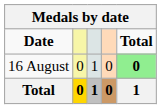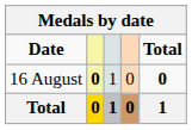 <table class="wikitable" style="font-size:85%">
 <tr bgcolor="#efefef">
 <th colspan=6>Medals by date</th>
 </tr>
 <tr align=center>
 <td><strong>Date</strong></td>
 <td bgcolor=#f7f6a8></td>
 <td bgcolor=#dce5e5></td>
 <td bgcolor=#ffdab9></td>
 <td><strong>Total</strong></td>
 </tr>
 <tr align=center>
 <td>16 August</td>
-<td style="background:#F7F6A8;">0</td>
+<td style="background:#F7F6A8;"><strong>0</strong></td>
 <td style="background:#DCE5E5;">1</td>
 <td style="background:#FFDAB9;">0</td>
-<td style="background: lightgreen;"><strong>0</strong></td>
+<td><strong>0</strong></td>
 </tr>
 <tr align=center>
 <th>Total</th>
 <th style="background:gold;">0</th>
 <th style="background:silver;">1</th>
 <th style="background:#c96;">0</th>
 <th>1</th>
 </tr>
 </table>
